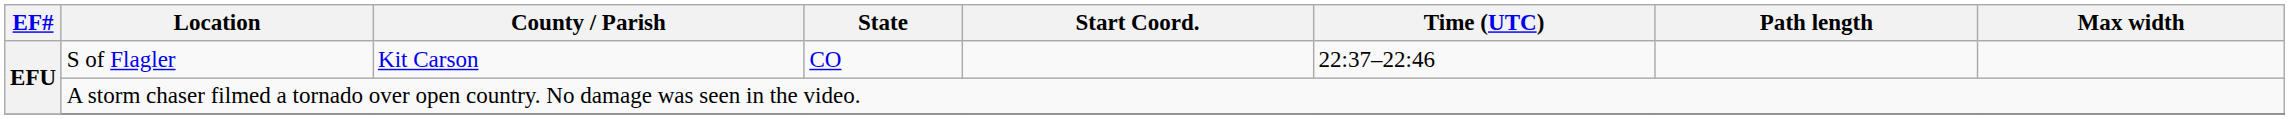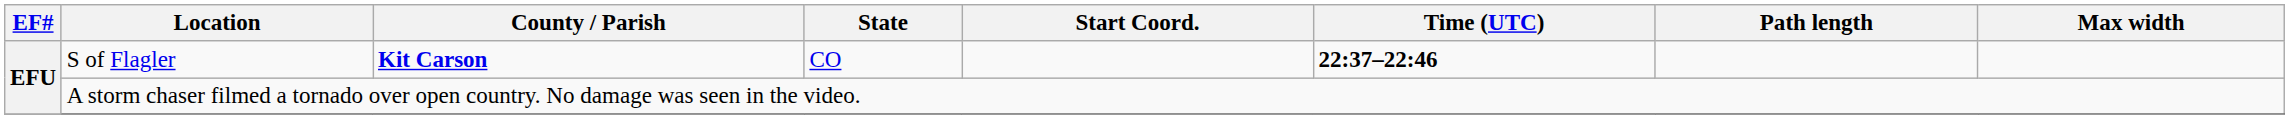 <table class="wikitable sortable" style="width:100%;">
 <tr>
 <th scope="col" width="2%" align="center"><a href='#'>EF#</a></th>
 <th scope="col" align="center" class="unsortable">Location</th>
 <th scope="col" align="center" class="unsortable">County / Parish</th>
 <th scope="col" align="center">State</th>
 <th scope="col" align="center">Start Coord.</th>
 <th scope="col" align="center">Time (<a href='#'>UTC</a>)</th>
 <th scope="col" align="center">Path length</th>
 <th scope="col" align="center">Max width</th>
 </tr>
 <tr>
 <th scope="row" rowspan="2" style="background-color:#">EFU</th>
 <td>S of <a href='#'>Flagler</a></td>
-<td><a href='#'>Kit Carson</a></td>
+<td><strong><a href='#'>Kit Carson</a></strong></td>
 <td><a href='#'>CO</a></td>
 <td></td>
-<td>22:37–22:46</td>
+<td><strong>22:37–22:46</strong></td>
 <td></td>
 <td></td>
 </tr>
 <tr class="expand-child">
 <td colspan="8" style=" border-bottom: 1px solid black;">A storm chaser filmed a tornado over open country. No damage was seen in the video.</td>
 </tr>
 <tr>
 </tr>
 </table>
